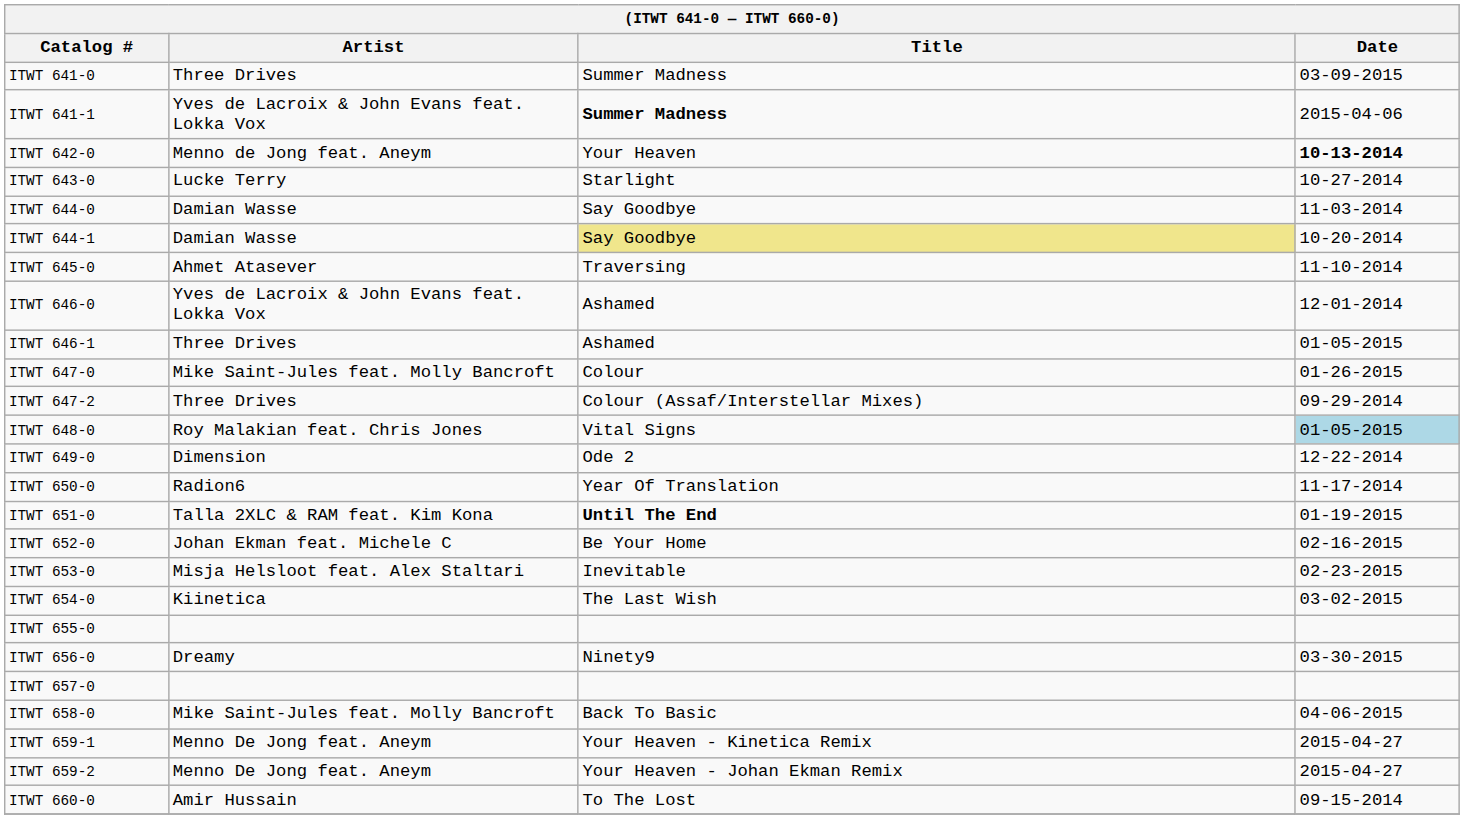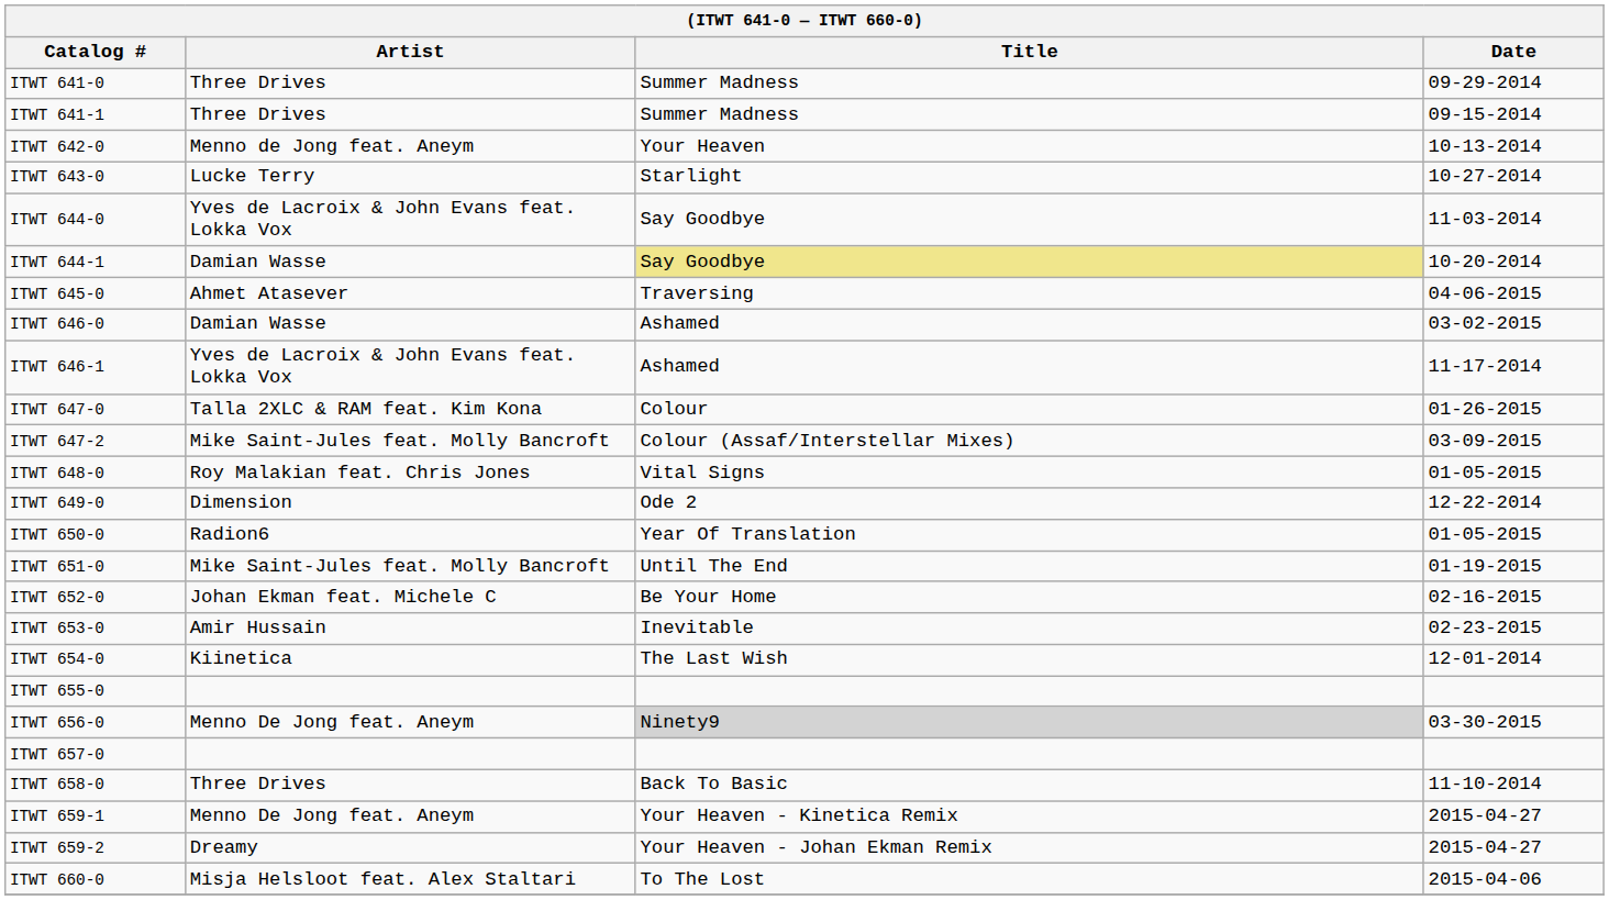 <table width="80%" class="wikitable collapsible collapsed" style="font-size:92%;position:relative;">
 <tr>
 <th colspan="5"><small>(ITWT 641-0 — ITWT 660-0)</small></th>
 </tr>
 <tr>
 <th width="8%">Catalog #</th>
 <th width="20%">Artist</th>
 <th width="35%">Title</th>
 <th width="8%">Date</th>
 </tr>
 <tr>
 <td><small>ITWT 641-0</small></td>
 <td>Three Drives</td>
 <td>Summer Madness</td>
-<td>03-09-2015</td>
+<td>09-29-2014</td>
 </tr>
 <tr>
 <td><small>ITWT 641-1</small></td>
-<td>Yves de Lacroix & John Evans feat. Lokka Vox</td>
-<td><strong>Summer Madness</strong></td>
-<td>2015-04-06</td>
+<td>Three Drives</td>
+<td>Summer Madness</td>
+<td>09-15-2014</td>
 </tr>
 <tr>
 <td><small>ITWT 642-0</small></td>
 <td>Menno de Jong feat. Aneym</td>
 <td>Your Heaven</td>
-<td><strong>10-13-2014</strong></td>
+<td>10-13-2014</td>
 </tr>
 <tr>
 <td><small>ITWT 643-0</small></td>
 <td>Lucke Terry</td>
 <td>Starlight</td>
 <td>10-27-2014</td>
 </tr>
 <tr>
 <td><small>ITWT 644-0</small></td>
-<td>Damian Wasse</td>
+<td>Yves de Lacroix & John Evans feat. Lokka Vox</td>
 <td>Say Goodbye</td>
 <td>11-03-2014</td>
 </tr>
 <tr>
 <td><small>ITWT 644-1</small></td>
 <td>Damian Wasse</td>
 <td style="background: khaki;">Say Goodbye</td>
 <td>10-20-2014</td>
 </tr>
 <tr>
 <td><small>ITWT 645-0</small></td>
 <td>Ahmet Atasever</td>
 <td>Traversing</td>
-<td>11-10-2014</td>
+<td>04-06-2015</td>
 </tr>
 <tr>
 <td><small>ITWT 646-0</small></td>
-<td>Yves de Lacroix & John Evans feat. Lokka Vox</td>
+<td>Damian Wasse</td>
 <td>Ashamed</td>
-<td>12-01-2014</td>
+<td>03-02-2015</td>
 </tr>
 <tr>
 <td><small>ITWT 646-1</small></td>
-<td>Three Drives</td>
+<td>Yves de Lacroix & John Evans feat. Lokka Vox</td>
 <td>Ashamed</td>
-<td>01-05-2015</td>
+<td>11-17-2014</td>
 </tr>
 <tr>
 <td><small>ITWT 647-0</small></td>
-<td>Mike Saint-Jules feat. Molly Bancroft</td>
+<td>Talla 2XLC & RAM feat. Kim Kona</td>
 <td>Colour</td>
 <td>01-26-2015</td>
 </tr>
 <tr>
 <td><small>ITWT 647-2</small></td>
-<td>Three Drives</td>
+<td>Mike Saint-Jules feat. Molly Bancroft</td>
 <td>Colour (Assaf/Interstellar Mixes)</td>
-<td>09-29-2014</td>
+<td>03-09-2015</td>
 </tr>
 <tr>
 <td><small>ITWT 648-0</small></td>
 <td>Roy Malakian feat. Chris Jones</td>
 <td>Vital Signs</td>
-<td style="background: lightblue;">01-05-2015</td>
+<td>01-05-2015</td>
 </tr>
 <tr>
 <td><small>ITWT 649-0</small></td>
 <td>Dimension</td>
 <td>Ode 2</td>
 <td>12-22-2014</td>
 </tr>
 <tr>
 <td><small>ITWT 650-0</small></td>
 <td>Radion6</td>
 <td>Year Of Translation</td>
-<td>11-17-2014</td>
+<td>01-05-2015</td>
 </tr>
 <tr>
 <td><small>ITWT 651-0</small></td>
-<td>Talla 2XLC & RAM feat. Kim Kona</td>
-<td><strong>Until The End</strong></td>
+<td>Mike Saint-Jules feat. Molly Bancroft</td>
+<td>Until The End</td>
 <td>01-19-2015</td>
 </tr>
 <tr>
 <td><small>ITWT 652-0</small></td>
 <td>Johan Ekman feat. Michele C</td>
 <td>Be Your Home</td>
 <td>02-16-2015</td>
 </tr>
 <tr>
 <td><small>ITWT 653-0</small></td>
-<td>Misja Helsloot feat. Alex Staltari</td>
+<td>Amir Hussain</td>
 <td>Inevitable</td>
 <td>02-23-2015</td>
 </tr>
 <tr>
 <td><small>ITWT 654-0</small></td>
 <td>Kiinetica</td>
 <td>The Last Wish</td>
-<td>03-02-2015</td>
+<td>12-01-2014</td>
 </tr>
 <tr>
 <td><small>ITWT 655-0</small></td>
 <td></td>
 <td></td>
 <td></td>
 </tr>
 <tr>
 <td><small>ITWT 656-0</small></td>
-<td>Dreamy</td>
-<td>Ninety9</td>
+<td>Menno De Jong feat. Aneym</td>
+<td style="background: lightgrey;">Ninety9</td>
 <td>03-30-2015</td>
 </tr>
 <tr>
 <td><small>ITWT 657-0</small></td>
 <td></td>
 <td></td>
 <td></td>
 </tr>
 <tr>
 <td><small>ITWT 658-0</small></td>
-<td>Mike Saint-Jules feat. Molly Bancroft</td>
+<td>Three Drives</td>
 <td>Back To Basic</td>
-<td>04-06-2015</td>
+<td>11-10-2014</td>
 </tr>
 <tr>
 <td><small>ITWT 659-1</small></td>
 <td>Menno De Jong feat. Aneym</td>
 <td>Your Heaven - Kinetica Remix</td>
 <td>2015-04-27</td>
 </tr>
 <tr>
 <td><small>ITWT 659-2</small></td>
-<td>Menno De Jong feat. Aneym</td>
+<td>Dreamy</td>
 <td>Your Heaven - Johan Ekman Remix</td>
 <td>2015-04-27</td>
 </tr>
 <tr>
 <td><small>ITWT 660-0</small></td>
-<td>Amir Hussain</td>
+<td>Misja Helsloot feat. Alex Staltari</td>
 <td>To The Lost</td>
-<td>09-15-2014</td>
+<td>2015-04-06</td>
 </tr>
 <tr>
 </tr>
 </table>
